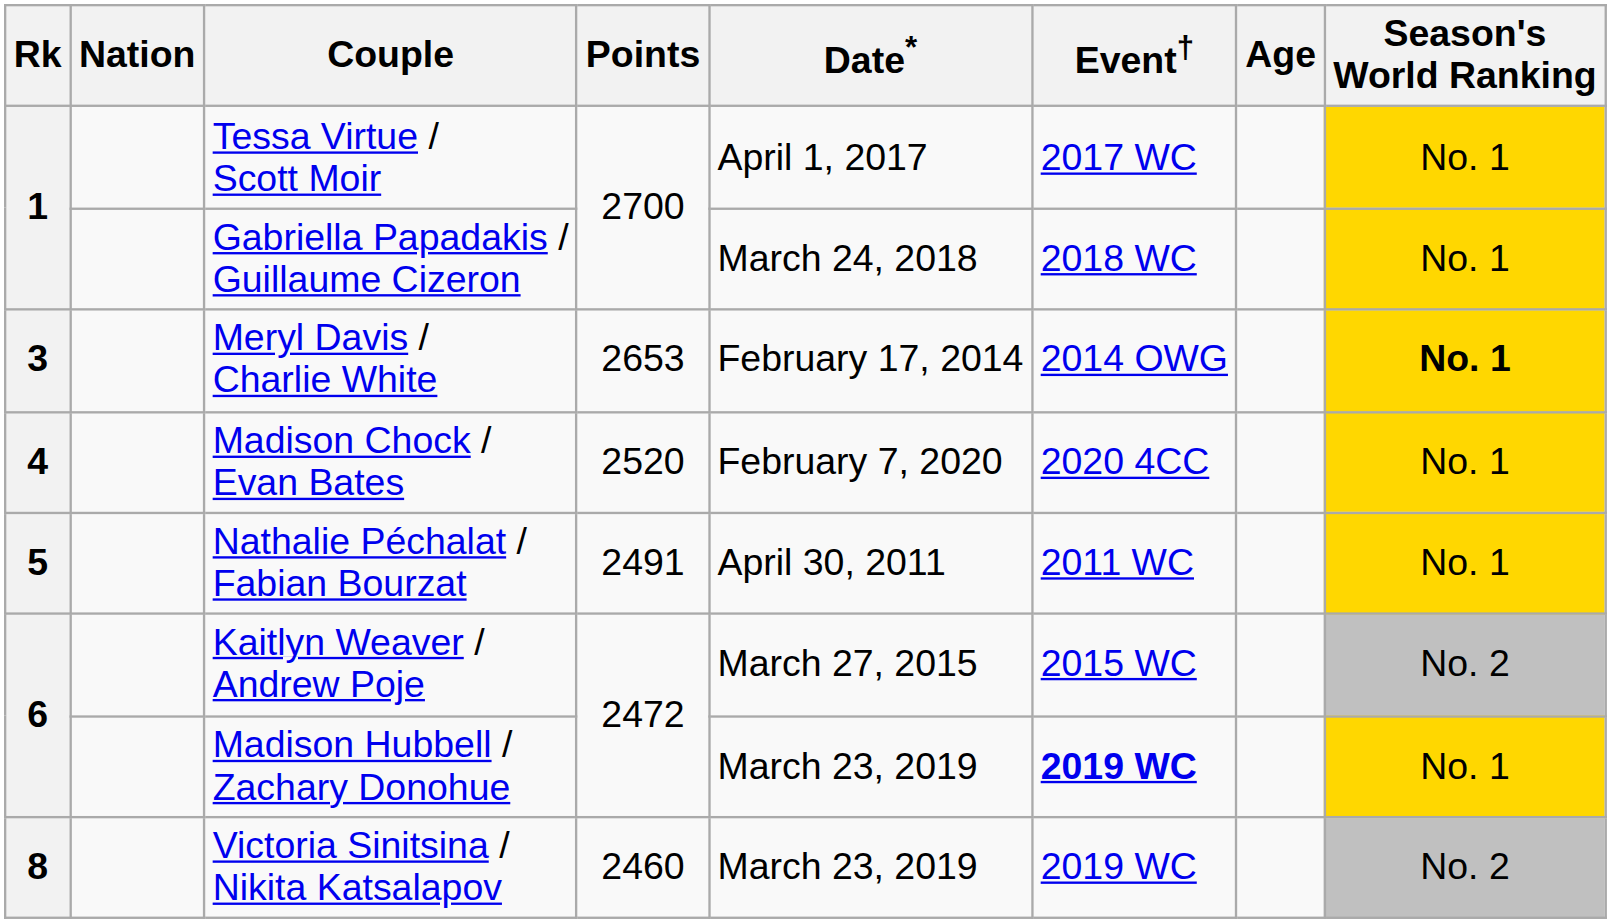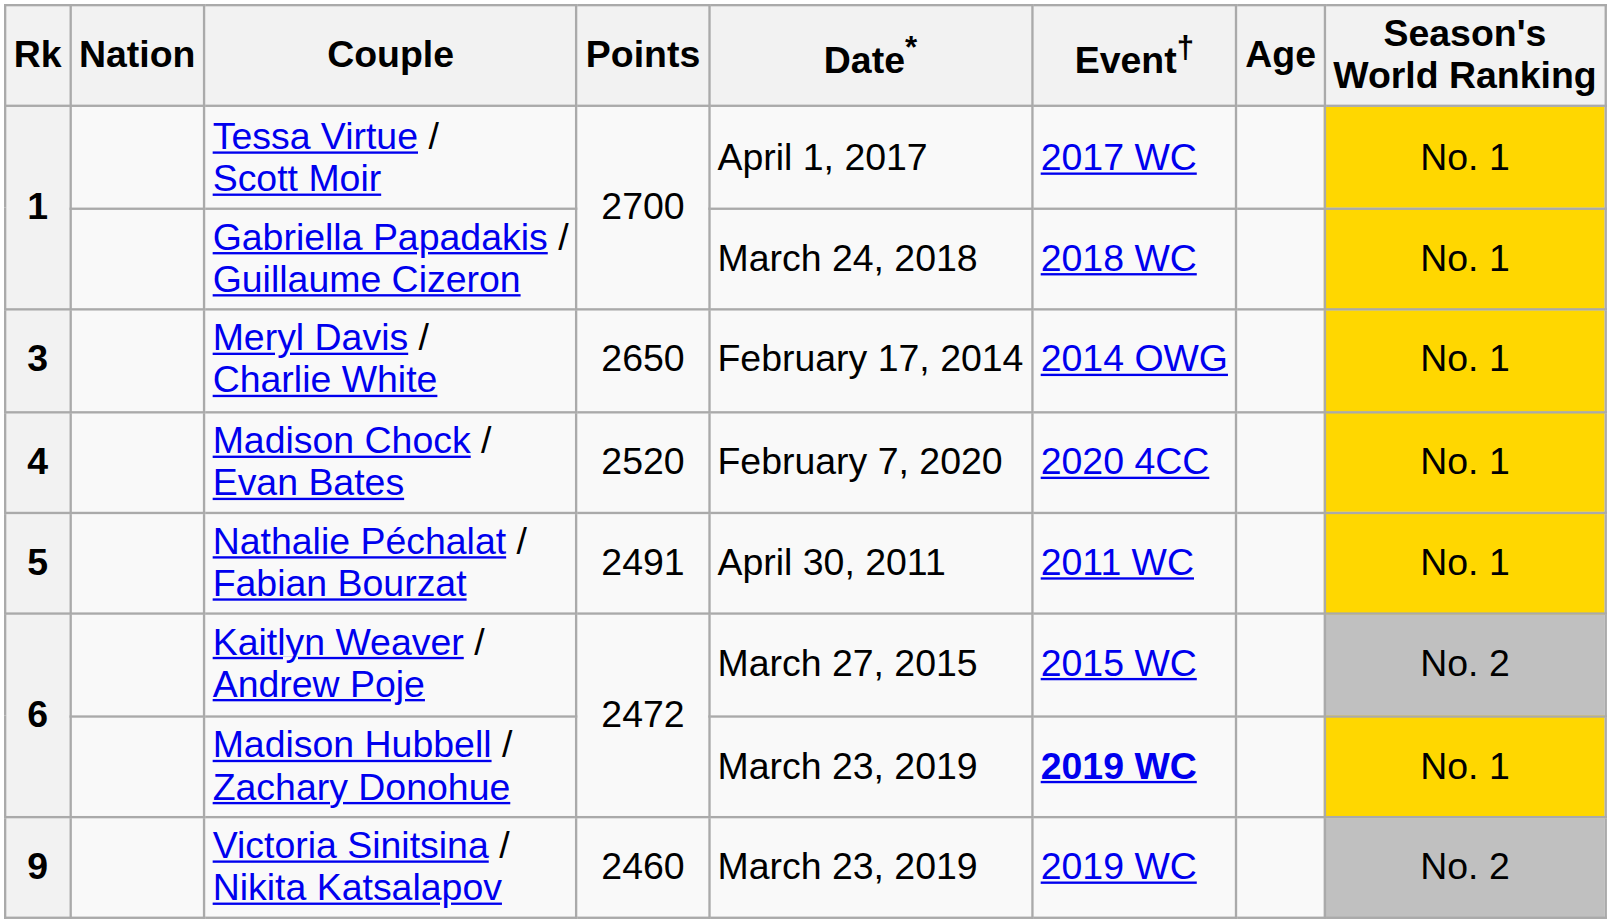 <table class="wikitable sortable">
 <tr>
 <th>Rk</th>
 <th>Nation</th>
 <th>Couple</th>
 <th>Points</th>
 <th>Date<sup>*</sup></th>
 <th>Event<sup>†</sup></th>
 <th>Age</th>
 <th>Season's<br>World  Ranking</th>
 </tr>
 <tr>
 <th rowspan="2">1</th>
 <td></td>
 <td><a href='#'>Tessa Virtue</a> /<br><a href='#'>Scott Moir</a></td>
 <td rowspan="2" style="text-align: center;">2700</td>
 <td>April 1, 2017</td>
 <td><a href='#'>2017 WC</a></td>
 <td><br></td>
 <td style="background-color: gold; text-align: center;">No. 1</td>
 </tr>
 <tr>
 <td></td>
 <td><a href='#'>Gabriella Papadakis</a> /<br><a href='#'>Guillaume Cizeron</a></td>
 <td>March 24, 2018</td>
 <td><a href='#'>2018 WC</a></td>
 <td><br></td>
 <td style="background-color: gold; text-align: center;">No. 1</td>
 </tr>
 <tr>
 <th>3</th>
 <td></td>
 <td><a href='#'>Meryl Davis</a> /<br><a href='#'>Charlie White</a></td>
-<td style="text-align: center;">2653</td>
+<td style="text-align: center;">2650</td>
 <td>February 17, 2014</td>
 <td><a href='#'>2014 OWG</a></td>
 <td><br></td>
-<td style="background-color: gold; text-align: center;"><strong>No. 1</strong></td>
+<td style="background-color: gold; text-align: center;">No. 1</td>
 </tr>
 <tr>
 <th>4</th>
 <td></td>
 <td><a href='#'>Madison Chock</a> /<br><a href='#'>Evan Bates</a></td>
 <td style="text-align: center;">2520</td>
 <td>February 7, 2020</td>
 <td><a href='#'>2020 4CC</a></td>
 <td><br></td>
 <td style="background-color: gold; text-align: center;">No. 1</td>
 </tr>
 <tr>
 <th>5</th>
 <td></td>
 <td><a href='#'>Nathalie Péchalat</a> /<br><a href='#'>Fabian Bourzat</a></td>
 <td style="text-align: center;">2491</td>
 <td>April 30, 2011</td>
 <td><a href='#'>2011 WC</a></td>
 <td><br></td>
 <td style="background-color: gold; text-align: center;">No. 1</td>
 </tr>
 <tr>
 <th rowspan="2">6</th>
 <td></td>
 <td><a href='#'>Kaitlyn Weaver</a> /<br><a href='#'>Andrew Poje</a></td>
 <td rowspan="2" style="text-align: center;">2472</td>
 <td>March 27, 2015</td>
 <td><a href='#'>2015 WC</a></td>
 <td><br></td>
 <td style="background-color: silver; text-align: center;">No. 2</td>
 </tr>
 <tr>
 <td></td>
 <td><a href='#'>Madison Hubbell</a> /<br><a href='#'>Zachary Donohue</a></td>
 <td>March 23, 2019</td>
 <td><strong><a href='#'>2019 WC</a></strong></td>
 <td><br></td>
 <td style="background-color: gold; text-align: center;">No. 1</td>
 </tr>
 <tr>
-<th>8</th>
+<th>9</th>
 <td></td>
 <td><a href='#'>Victoria Sinitsina</a> /<br><a href='#'>Nikita Katsalapov</a></td>
 <td style="text-align: center;">2460</td>
 <td>March 23, 2019</td>
 <td><a href='#'>2019 WC</a></td>
 <td><br></td>
 <td style="background-color: silver; text-align: center;">No. 2</td>
 </tr>
 </table>
